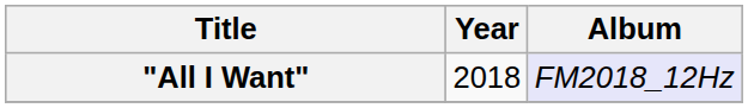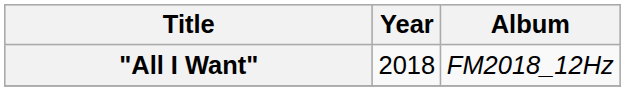 <table class="wikitable plainrowheaders" style="text-align:center;">
 <tr>
 <th style="width:14em;">Title</th>
 <th>Year</th>
 <th>Album</th>
 </tr>
 <tr>
 <th scope="row">"All I Want" <br></th>
 <td>2018</td>
-<td style="background: lavender;"><em>FM2018_12Hz</em></td>
+<td><em>FM2018_12Hz</em></td>
 </tr>
 <tr>
 </tr>
 </table>
